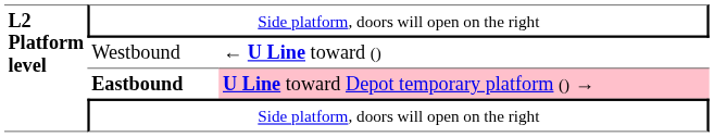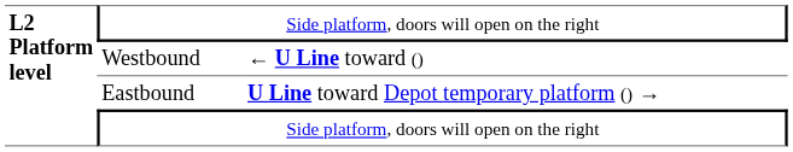 <table table border=0 cellspacing=0 cellpadding=3>
 <tr>
 <td style="border-top:solid 1px gray;border-bottom:solid 1px gray;" width=50 rowspan=10 valign=top><strong>L2<br>Platform level</strong></td>
 <td style="border-top:solid 1px gray;border-right:solid 2px black;border-left:solid 2px black;border-bottom:solid 2px black;text-align:center;" colspan=2><small><a href='#'>Side platform</a>, doors will open on the right</small></td>
 </tr>
 <tr>
 <td>Westbound</td>
 <td>← <a href='#'><span><strong>U Line</strong></span></a> toward  <small>()</small></td>
 </tr>
 <tr>
-<td style="border-bottom:solid 0px gray;border-top:solid 1px gray;" width=100><strong>Eastbound</strong></td>
-<td style="background: pink; border-bottom:solid 0px gray;border-top:solid 1px gray;" width=390> <a href='#'><span><strong>U Line</strong></span></a> toward <a href='#'>Depot temporary platform</a> <small>()</small> →</td>
+<td style="border-bottom:solid 0px gray;border-top:solid 1px gray;" width=100>Eastbound</td>
+<td style="border-bottom:solid 0px gray;border-top:solid 1px gray;" width=390> <a href='#'><span><strong>U Line</strong></span></a> toward <a href='#'>Depot temporary platform</a> <small>()</small> →</td>
 </tr>
 <tr>
 <td style="border-top:solid 2px black;border-right:solid 2px black;border-left:solid 2px black;border-bottom:solid 1px gray;text-align:center;" colspan=2><small><a href='#'>Side platform</a>, doors will open on the right</small></td>
 </tr>
 </table>
